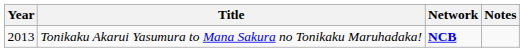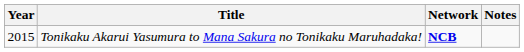 <table class="wikitable">
 <tr>
 <th>Year</th>
 <th>Title</th>
 <th>Network</th>
 <th>Notes</th>
 </tr>
 <tr>
-<td>2013</td>
+<td>2015</td>
 <td><em>Tonikaku Akarui Yasumura to <a href='#'>Mana Sakura</a> no Tonikaku Maruhadaka!</em></td>
 <td><strong><a href='#'>NCB</a></strong></td>
 <td></td>
 </tr>
 </table>
